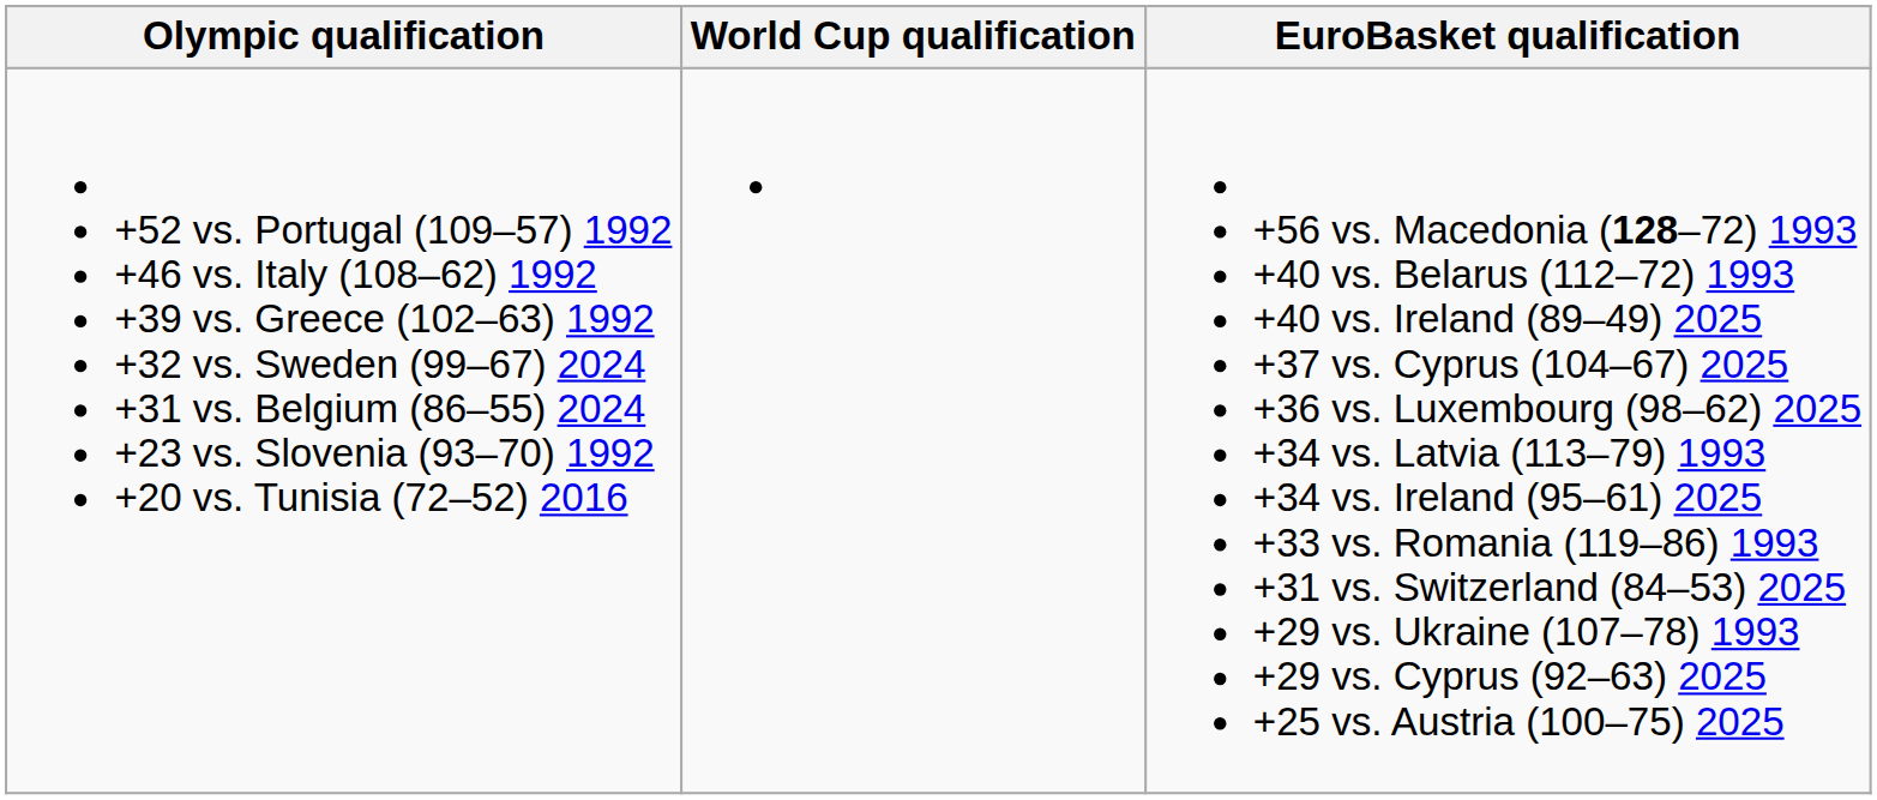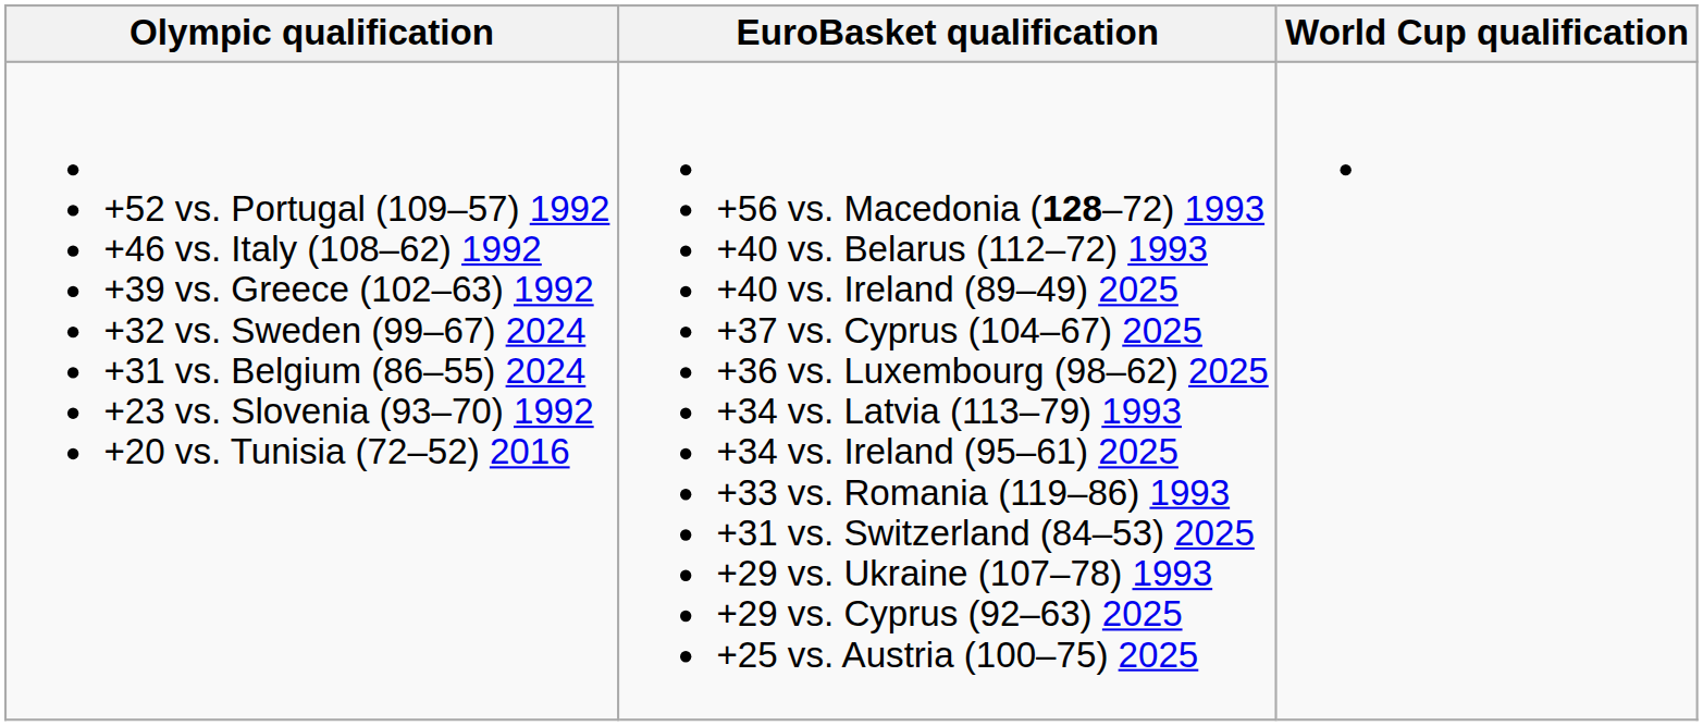 <table class="wikitable">
 <tr>
 <th>Olympic qualification</th>
+<th>EuroBasket qualification</th>
 <th>World Cup qualification</th>
-<th>EuroBasket qualification</th>
 </tr>
 <tr style="vertical-align:top;">
 <td><br><ul><li></li><li>+52 vs. Portugal (109–57) <a href='#'>1992</a></li><li>+46 vs. Italy (108–62) <a href='#'>1992</a></li><li>+39 vs. Greece (102–63) <a href='#'>1992</a></li><li>+32 vs. Sweden (99–67) <a href='#'>2024</a></li><li>+31 vs. Belgium (86–55) <a href='#'>2024</a></li><li>+23 vs. Slovenia (93–70) <a href='#'>1992</a></li><li>+20 vs. Tunisia (72–52) <a href='#'>2016</a></li></ul></td>
+<td><br><ul><li></li><li>+56 vs. Macedonia (<strong>128</strong>–72) <a href='#'>1993</a></li><li>+40 vs. Belarus (112–72) <a href='#'>1993</a></li><li>+40 vs. Ireland (89–49) <a href='#'>2025</a></li><li>+37 vs. Cyprus (104–67) <a href='#'>2025</a></li><li>+36 vs. Luxembourg (98–62) <a href='#'>2025</a></li><li>+34 vs. Latvia (113–79) <a href='#'>1993</a></li><li>+34 vs. Ireland (95–61) <a href='#'>2025</a></li><li>+33 vs. Romania (119–86) <a href='#'>1993</a></li><li>+31 vs. Switzerland (84–53) <a href='#'>2025</a></li><li>+29 vs. Ukraine (107–78) <a href='#'>1993</a></li><li>+29 vs. Cyprus (92–63) <a href='#'>2025</a></li><li>+25 vs. Austria (100–75) <a href='#'>2025</a></li></ul></td>
 <td><br><ul><li></li></ul></td>
-<td><br><ul><li></li><li>+56 vs. Macedonia (<strong>128</strong>–72) <a href='#'>1993</a></li><li>+40 vs. Belarus (112–72) <a href='#'>1993</a></li><li>+40 vs. Ireland (89–49) <a href='#'>2025</a></li><li>+37 vs. Cyprus (104–67) <a href='#'>2025</a></li><li>+36 vs. Luxembourg (98–62) <a href='#'>2025</a></li><li>+34 vs. Latvia (113–79) <a href='#'>1993</a></li><li>+34 vs. Ireland (95–61) <a href='#'>2025</a></li><li>+33 vs. Romania (119–86) <a href='#'>1993</a></li><li>+31 vs. Switzerland (84–53) <a href='#'>2025</a></li><li>+29 vs. Ukraine (107–78) <a href='#'>1993</a></li><li>+29 vs. Cyprus (92–63) <a href='#'>2025</a></li><li>+25 vs. Austria (100–75) <a href='#'>2025</a></li></ul></td>
 </tr>
 </table>
